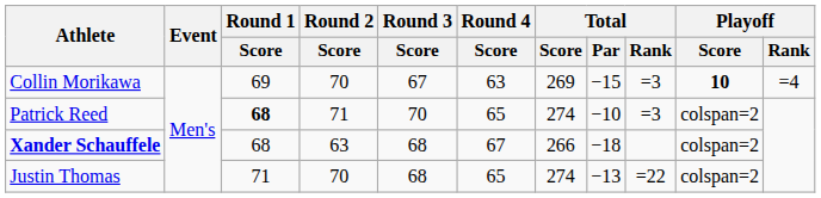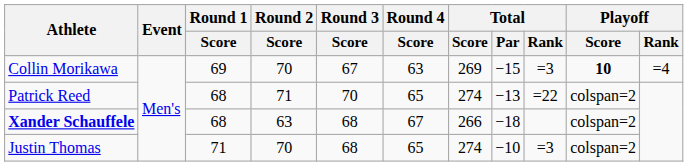 <table class=wikitable style=font-size:90%;text-align:center>
 <tr>
 <th rowspan=2>Athlete</th>
 <th rowspan=2>Event</th>
 <th>Round 1</th>
 <th>Round 2</th>
 <th>Round 3</th>
 <th>Round 4</th>
 <th colspan=3>Total</th>
 <th colspan=2>Playoff</th>
 </tr>
 <tr style=font-size:95%>
 <th>Score</th>
 <th>Score</th>
 <th>Score</th>
 <th>Score</th>
 <th>Score</th>
 <th>Par</th>
 <th>Rank</th>
 <th>Score</th>
 <th>Rank</th>
 </tr>
 <tr>
 <td align=left><a href='#'>Collin Morikawa</a></td>
 <td align=left rowspan=4><a href='#'>Men's</a></td>
 <td>69</td>
 <td>70</td>
 <td>67</td>
 <td>63</td>
 <td>269</td>
 <td>−15</td>
 <td>=3</td>
 <td><strong>10</strong></td>
 <td>=4</td>
 </tr>
 <tr>
 <td align=left><a href='#'>Patrick Reed</a></td>
-<td><strong>68</strong></td>
+<td>68</td>
 <td>71</td>
 <td>70</td>
 <td>65</td>
 <td>274</td>
-<td>−10</td>
-<td>=3</td>
+<td>−13</td>
+<td>=22</td>
 <td>colspan=2 </td>
 </tr>
 <tr>
 <td align=left><strong><a href='#'>Xander Schauffele</a></strong></td>
 <td>68</td>
 <td>63</td>
 <td>68</td>
 <td>67</td>
 <td>266</td>
 <td>−18</td>
 <td></td>
 <td>colspan=2 </td>
 </tr>
 <tr>
 <td align=left><a href='#'>Justin Thomas</a></td>
 <td>71</td>
 <td>70</td>
 <td>68</td>
 <td>65</td>
 <td>274</td>
-<td>−13</td>
-<td>=22</td>
+<td>−10</td>
+<td>=3</td>
 <td>colspan=2 </td>
 </tr>
 </table>
